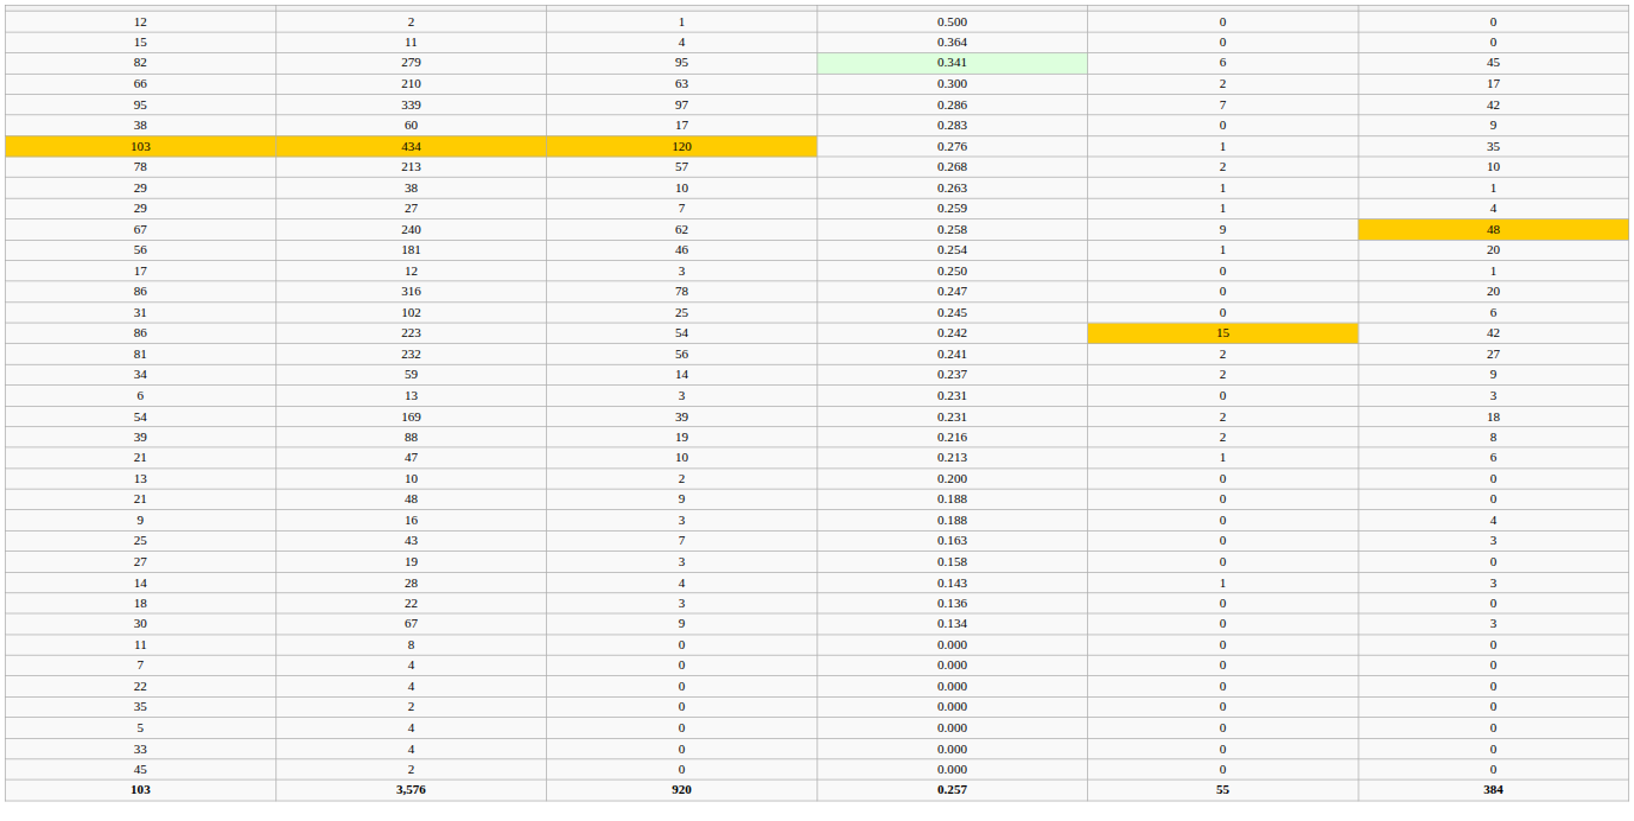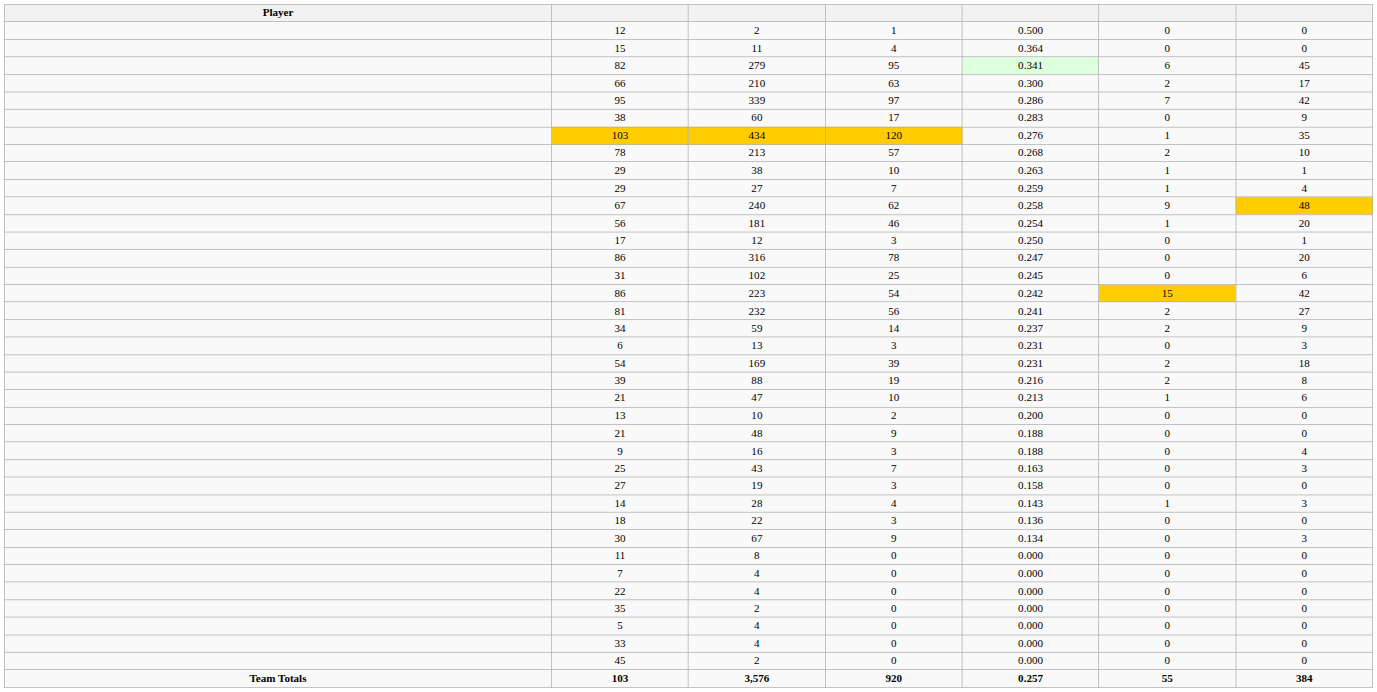 <table class="wikitable sortable" style="text-align:center;" width="100%">
 <tr>
+<th width="40%">Player</th>
 <th width="10%"></th>
 <th width="10%"></th>
 <th width="10%"></th>
 <th width="10%"></th>
 <th width="10%"></th>
 <th width="10%"></th>
 </tr>
 <tr>
+<td></td>
 <td>12</td>
 <td>2</td>
 <td>1</td>
 <td>0.500</td>
 <td>0</td>
 <td>0</td>
 </tr>
 <tr>
+<td></td>
 <td>15</td>
 <td>11</td>
 <td>4</td>
 <td>0.364</td>
 <td>0</td>
 <td>0</td>
 </tr>
 <tr>
+<td></td>
 <td>82</td>
 <td>279</td>
 <td>95</td>
 <td style="background:#DDFFDD;">0.341</td>
 <td>6</td>
 <td>45</td>
 </tr>
 <tr>
+<td></td>
 <td>66</td>
 <td>210</td>
 <td>63</td>
 <td>0.300</td>
 <td>2</td>
 <td>17</td>
 </tr>
 <tr>
+<td></td>
 <td>95</td>
 <td>339</td>
 <td>97</td>
 <td>0.286</td>
 <td>7</td>
 <td>42</td>
 </tr>
 <tr>
+<td></td>
 <td>38</td>
 <td>60</td>
 <td>17</td>
 <td>0.283</td>
 <td>0</td>
 <td>9</td>
 </tr>
 <tr>
+<td></td>
 <td style="background:#fc0;">103</td>
 <td style="background:#fc0;">434</td>
 <td style="background:#fc0;">120</td>
 <td>0.276</td>
 <td>1</td>
 <td>35</td>
 </tr>
 <tr>
+<td></td>
 <td>78</td>
 <td>213</td>
 <td>57</td>
 <td>0.268</td>
 <td>2</td>
 <td>10</td>
 </tr>
 <tr>
+<td></td>
 <td>29</td>
 <td>38</td>
 <td>10</td>
 <td>0.263</td>
 <td>1</td>
 <td>1</td>
 </tr>
 <tr>
+<td></td>
 <td>29</td>
 <td>27</td>
 <td>7</td>
 <td>0.259</td>
 <td>1</td>
 <td>4</td>
 </tr>
 <tr>
+<td></td>
 <td>67</td>
 <td>240</td>
 <td>62</td>
 <td>0.258</td>
 <td>9</td>
 <td style="background:#fc0;">48</td>
 </tr>
 <tr>
+<td></td>
 <td>56</td>
 <td>181</td>
 <td>46</td>
 <td>0.254</td>
 <td>1</td>
 <td>20</td>
 </tr>
 <tr>
+<td></td>
 <td>17</td>
 <td>12</td>
 <td>3</td>
 <td>0.250</td>
 <td>0</td>
 <td>1</td>
 </tr>
 <tr>
+<td></td>
 <td>86</td>
 <td>316</td>
 <td>78</td>
 <td>0.247</td>
 <td>0</td>
 <td>20</td>
 </tr>
 <tr>
+<td></td>
 <td>31</td>
 <td>102</td>
 <td>25</td>
 <td>0.245</td>
 <td>0</td>
 <td>6</td>
 </tr>
 <tr>
+<td></td>
 <td>86</td>
 <td>223</td>
 <td>54</td>
 <td>0.242</td>
 <td style="background:#fc0;">15</td>
 <td>42</td>
 </tr>
 <tr>
+<td></td>
 <td>81</td>
 <td>232</td>
 <td>56</td>
 <td>0.241</td>
 <td>2</td>
 <td>27</td>
 </tr>
 <tr>
+<td></td>
 <td>34</td>
 <td>59</td>
 <td>14</td>
 <td>0.237</td>
 <td>2</td>
 <td>9</td>
 </tr>
 <tr>
+<td></td>
 <td>6</td>
 <td>13</td>
 <td>3</td>
 <td>0.231</td>
 <td>0</td>
 <td>3</td>
 </tr>
 <tr>
+<td></td>
 <td>54</td>
 <td>169</td>
 <td>39</td>
 <td>0.231</td>
 <td>2</td>
 <td>18</td>
 </tr>
 <tr>
+<td></td>
 <td>39</td>
 <td>88</td>
 <td>19</td>
 <td>0.216</td>
 <td>2</td>
 <td>8</td>
 </tr>
 <tr>
+<td></td>
 <td>21</td>
 <td>47</td>
 <td>10</td>
 <td>0.213</td>
 <td>1</td>
 <td>6</td>
 </tr>
 <tr>
+<td></td>
 <td>13</td>
 <td>10</td>
 <td>2</td>
 <td>0.200</td>
 <td>0</td>
 <td>0</td>
 </tr>
 <tr>
+<td></td>
 <td>21</td>
 <td>48</td>
 <td>9</td>
 <td>0.188</td>
 <td>0</td>
 <td>0</td>
 </tr>
 <tr>
+<td></td>
 <td>9</td>
 <td>16</td>
 <td>3</td>
 <td>0.188</td>
 <td>0</td>
 <td>4</td>
 </tr>
 <tr>
+<td></td>
 <td>25</td>
 <td>43</td>
 <td>7</td>
 <td>0.163</td>
 <td>0</td>
 <td>3</td>
 </tr>
 <tr>
+<td></td>
 <td>27</td>
 <td>19</td>
 <td>3</td>
 <td>0.158</td>
 <td>0</td>
 <td>0</td>
 </tr>
 <tr>
+<td></td>
 <td>14</td>
 <td>28</td>
 <td>4</td>
 <td>0.143</td>
 <td>1</td>
 <td>3</td>
 </tr>
 <tr>
+<td></td>
 <td>18</td>
 <td>22</td>
 <td>3</td>
 <td>0.136</td>
 <td>0</td>
 <td>0</td>
 </tr>
 <tr>
+<td></td>
 <td>30</td>
 <td>67</td>
 <td>9</td>
 <td>0.134</td>
 <td>0</td>
 <td>3</td>
 </tr>
 <tr>
+<td></td>
 <td>11</td>
 <td>8</td>
 <td>0</td>
 <td>0.000</td>
 <td>0</td>
 <td>0</td>
 </tr>
 <tr>
+<td></td>
 <td>7</td>
 <td>4</td>
 <td>0</td>
 <td>0.000</td>
 <td>0</td>
 <td>0</td>
 </tr>
 <tr>
+<td></td>
 <td>22</td>
 <td>4</td>
 <td>0</td>
 <td>0.000</td>
 <td>0</td>
 <td>0</td>
 </tr>
 <tr>
+<td></td>
 <td>35</td>
 <td>2</td>
 <td>0</td>
 <td>0.000</td>
 <td>0</td>
 <td>0</td>
 </tr>
 <tr>
+<td></td>
 <td>5</td>
 <td>4</td>
 <td>0</td>
 <td>0.000</td>
 <td>0</td>
 <td>0</td>
 </tr>
 <tr>
+<td></td>
 <td>33</td>
 <td>4</td>
 <td>0</td>
 <td>0.000</td>
 <td>0</td>
 <td>0</td>
 </tr>
 <tr>
+<td></td>
 <td>45</td>
 <td>2</td>
 <td>0</td>
 <td>0.000</td>
 <td>0</td>
 <td>0</td>
 </tr>
 <tr>
+<td><strong>Team Totals</strong></td>
 <td><strong>103</strong></td>
 <td><strong>3,576</strong></td>
 <td><strong>920</strong></td>
 <td><strong>0.257</strong></td>
 <td><strong>55</strong></td>
 <td><strong>384</strong></td>
 </tr>
 </table>
